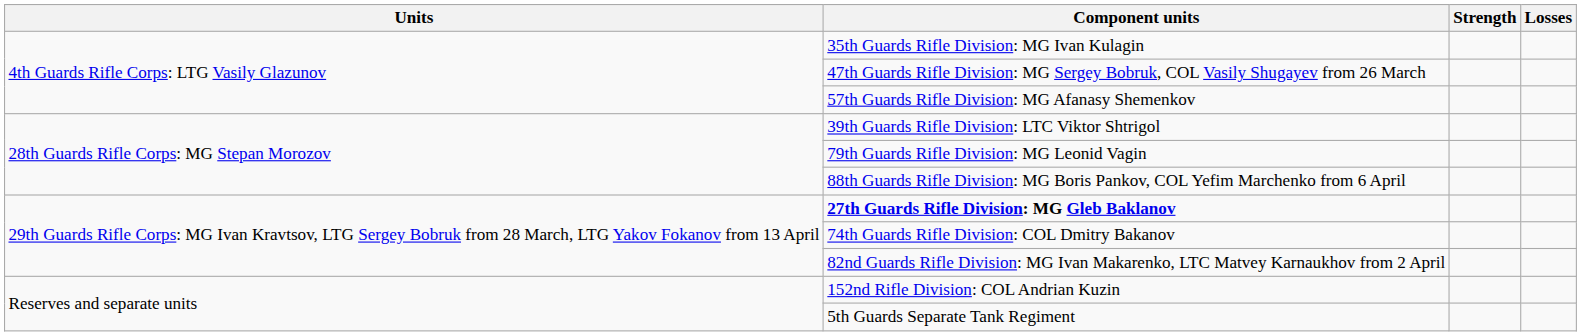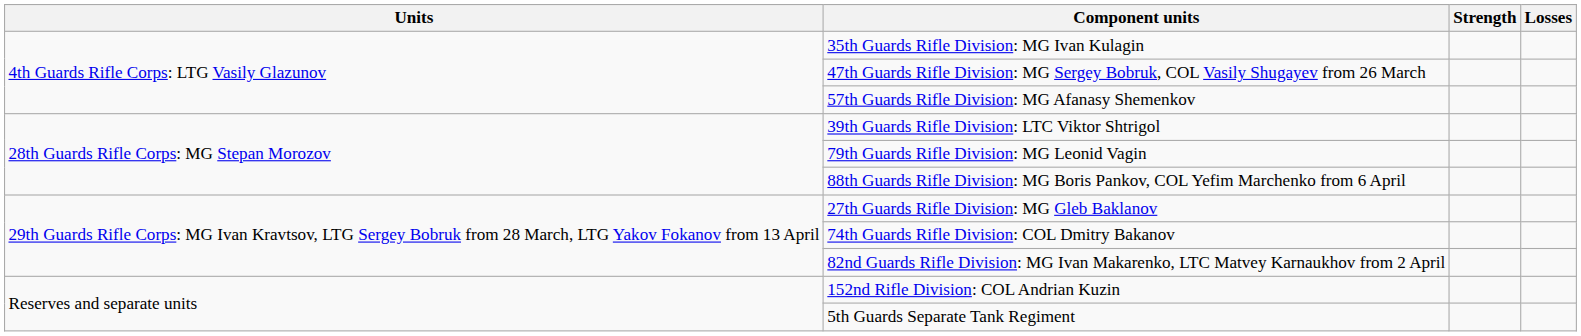 <table class="wikitable">
 <tr>
 <th>Units</th>
 <th>Component units</th>
 <th>Strength</th>
 <th>Losses</th>
 </tr>
 <tr>
 <td rowspan="3"><a href='#'>4th Guards Rifle Corps</a>: LTG <a href='#'>Vasily Glazunov</a></td>
 <td><a href='#'>35th Guards Rifle Division</a>: MG Ivan Kulagin</td>
 <td></td>
 <td></td>
 </tr>
 <tr>
 <td><a href='#'>47th Guards Rifle Division</a>: MG <a href='#'>Sergey Bobruk</a>, COL <a href='#'>Vasily Shugayev</a> from 26 March</td>
 <td></td>
 <td></td>
 </tr>
 <tr>
 <td><a href='#'>57th Guards Rifle Division</a>: MG Afanasy Shemenkov</td>
 <td></td>
 <td></td>
 </tr>
 <tr>
 <td rowspan="3"><a href='#'>28th Guards Rifle Corps</a>: MG <a href='#'>Stepan Morozov</a></td>
 <td><a href='#'>39th Guards Rifle Division</a>: LTC Viktor Shtrigol</td>
 <td></td>
 <td></td>
 </tr>
 <tr>
 <td><a href='#'>79th Guards Rifle Division</a>: MG Leonid Vagin</td>
 <td></td>
 <td></td>
 </tr>
 <tr>
 <td><a href='#'>88th Guards Rifle Division</a>: MG Boris Pankov, COL Yefim Marchenko from 6 April</td>
 <td></td>
 <td></td>
 </tr>
 <tr>
 <td rowspan="3"><a href='#'>29th Guards Rifle Corps</a>: MG Ivan Kravtsov, LTG <a href='#'>Sergey Bobruk</a> from 28 March, LTG <a href='#'>Yakov Fokanov</a> from 13 April</td>
-<td><strong><a href='#'>27th Guards Rifle Division</a>: MG <a href='#'>Gleb Baklanov</a></strong></td>
+<td><a href='#'>27th Guards Rifle Division</a>: MG <a href='#'>Gleb Baklanov</a></td>
 <td></td>
 <td></td>
 </tr>
 <tr>
 <td><a href='#'>74th Guards Rifle Division</a>: COL Dmitry Bakanov</td>
 <td></td>
 <td></td>
 </tr>
 <tr>
 <td><a href='#'>82nd Guards Rifle Division</a>: MG Ivan Makarenko, LTC Matvey Karnaukhov from 2 April</td>
 <td></td>
 <td></td>
 </tr>
 <tr>
 <td rowspan="2">Reserves and separate units</td>
 <td><a href='#'>152nd Rifle Division</a>: COL Andrian Kuzin</td>
 <td></td>
 <td></td>
 </tr>
 <tr>
 <td>5th Guards Separate Tank Regiment</td>
 <td></td>
 <td></td>
 </tr>
 </table>
